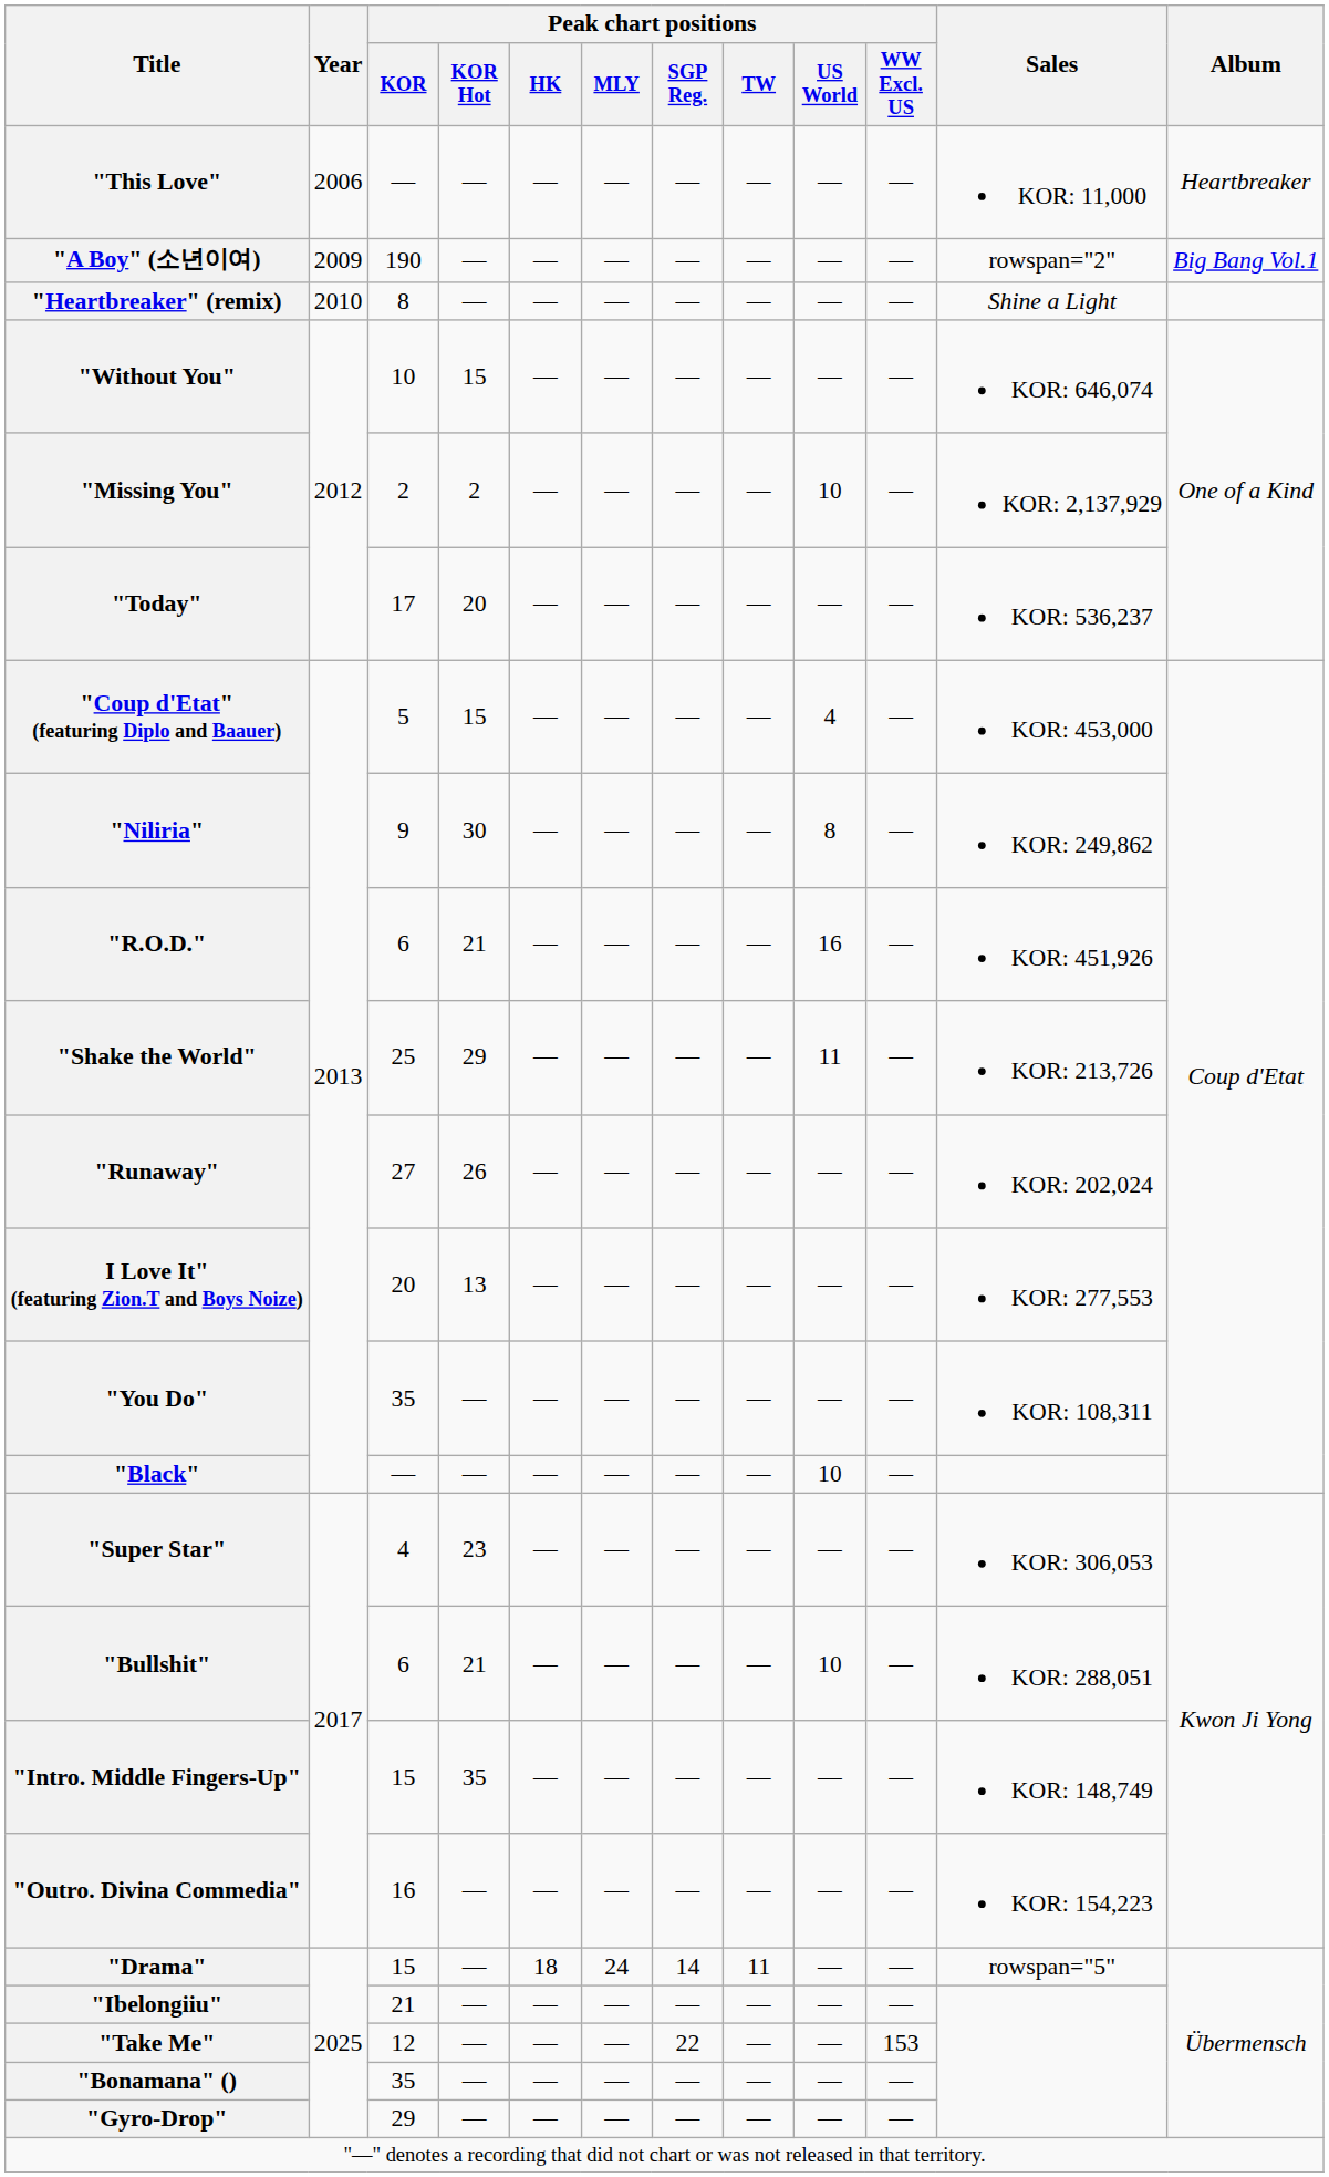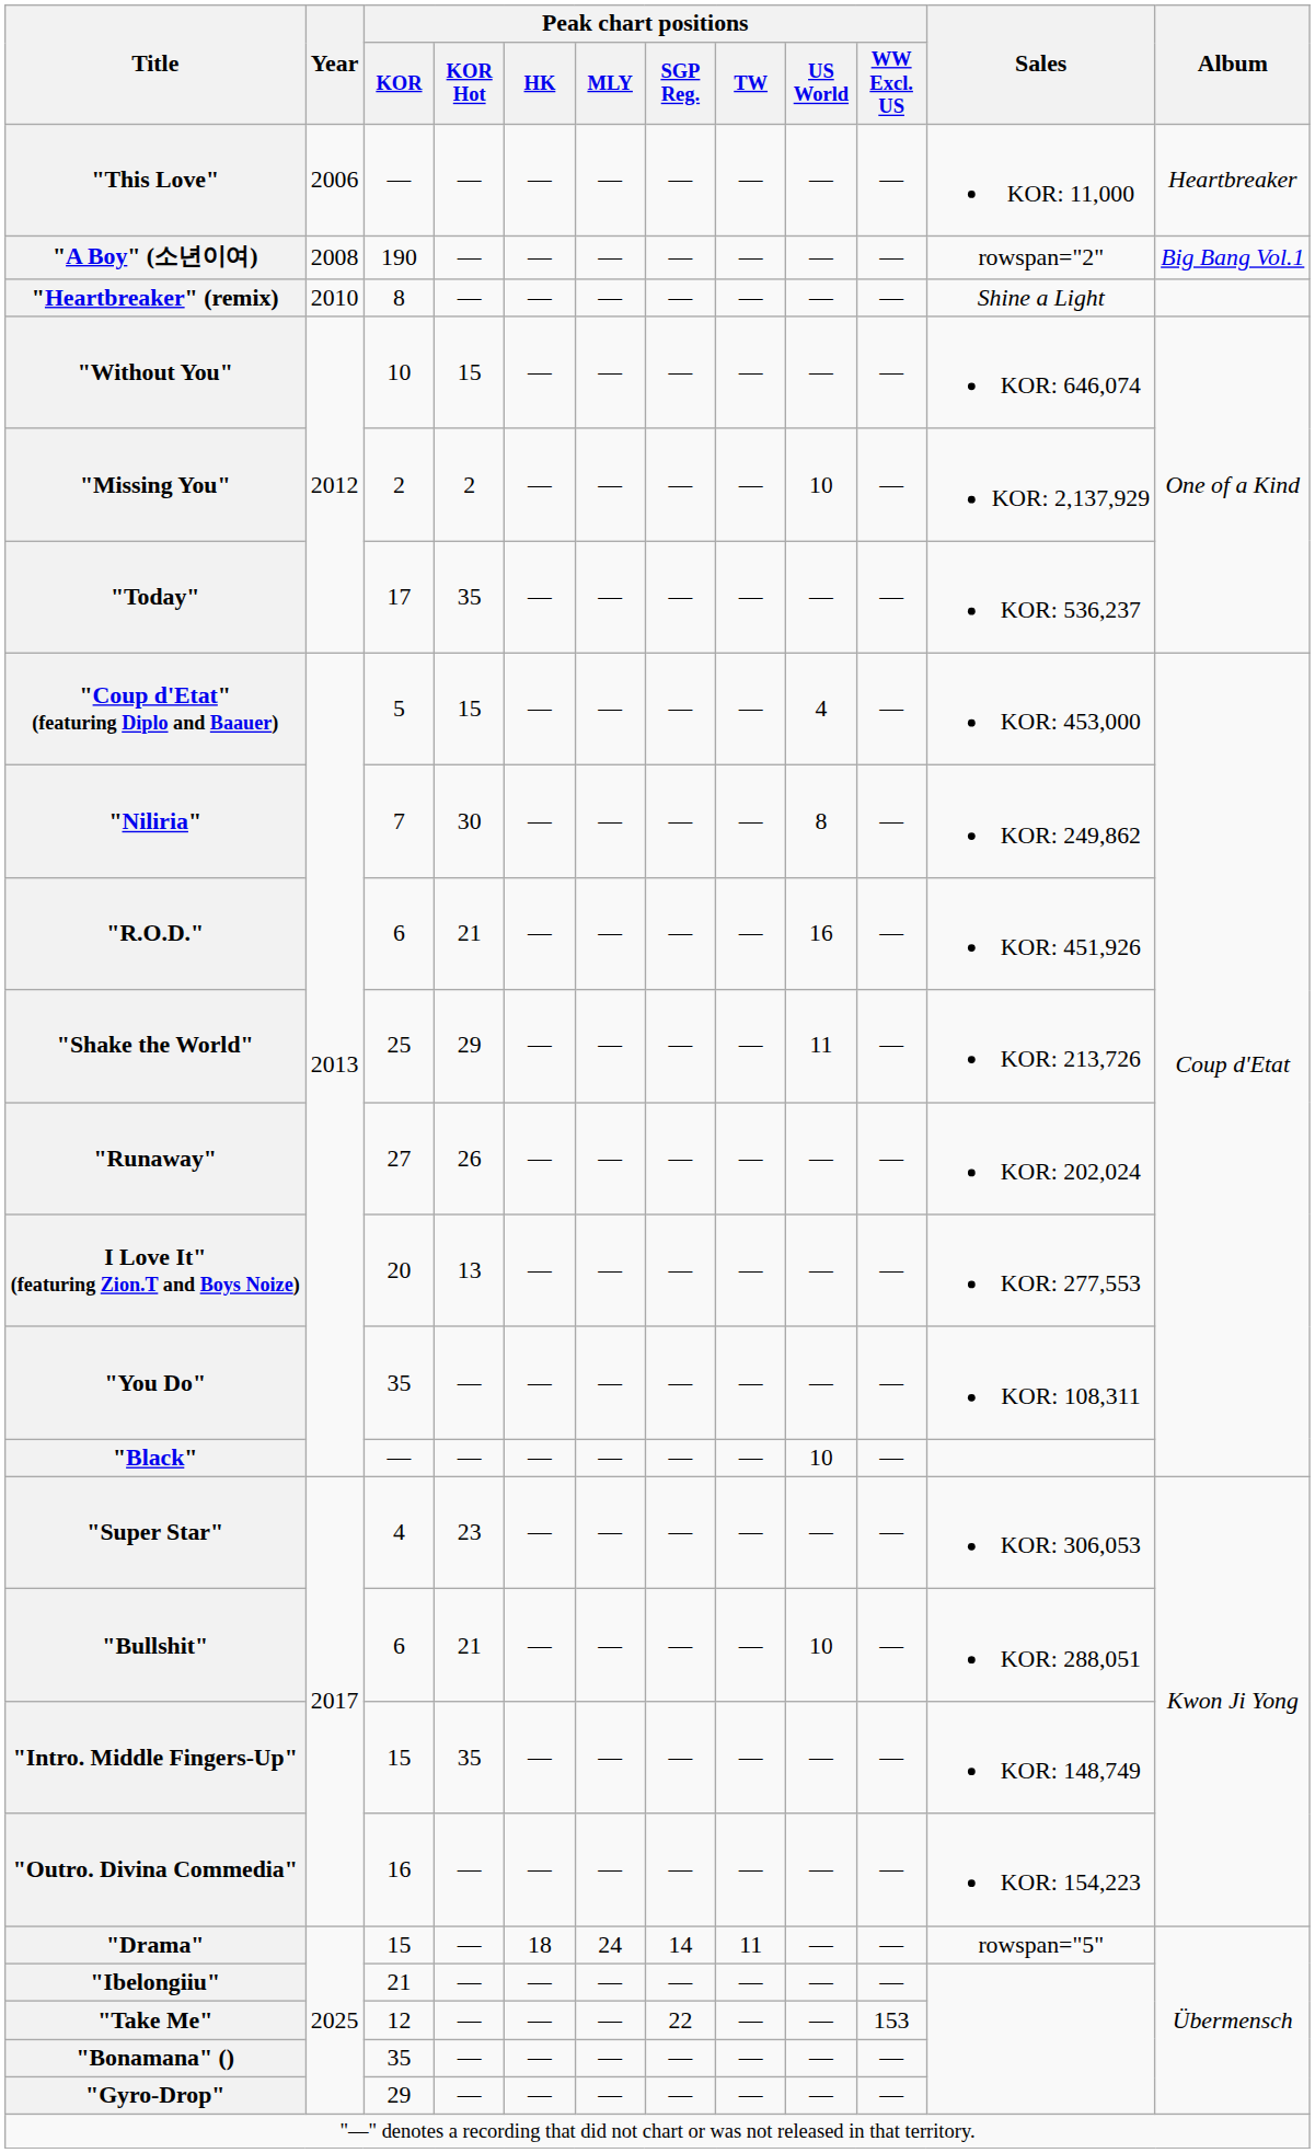 <table class="wikitable plainrowheaders" style="text-align:center;">
 <tr>
 <th scope="col" rowspan="2">Title</th>
 <th scope="col" rowspan="2">Year</th>
 <th scope="col" colspan="8">Peak chart positions</th>
 <th scope="col" rowspan="2">Sales</th>
 <th scope="col" rowspan="2">Album</th>
 </tr>
 <tr>
 <th scope="col" style="width:3em;font-size:85%;"><a href='#'>KOR</a><br></th>
 <th scope="col" style="width:3em;font-size:85%;"><a href='#'>KOR<br>Hot</a><br></th>
 <th scope="col" style="width:3em;font-size:85%;"><a href='#'>HK</a><br></th>
 <th scope="col" style="width:3em;font-size:85%;"><a href='#'>MLY</a><br></th>
 <th scope="col" style="width:3em;font-size:85%;"><a href='#'>SGP<br>Reg.</a><br></th>
 <th scope="col" style="width:3em;font-size:85%;"><a href='#'>TW</a><br></th>
 <th scope="col" style="width:3em;font-size:85%;"><a href='#'>US<br>World</a><br></th>
 <th scope="col" style="width:3em;font-size:85%"><a href='#'>WW<br>Excl.<br>US</a><br></th>
 </tr>
 <tr>
 <th scope="row">"This Love"</th>
 <td>2006</td>
 <td>—</td>
 <td>—</td>
 <td>—</td>
 <td>—</td>
 <td>—</td>
 <td>—</td>
 <td>—</td>
 <td>—</td>
 <td><br><ul><li>KOR: 11,000</li></ul></td>
 <td><em>Heartbreaker</em></td>
 </tr>
 <tr>
 <th scope="row">"<a href='#'>A Boy</a>" (소년이여)</th>
-<td>2009</td>
+<td>2008</td>
 <td>190</td>
 <td>—</td>
 <td>—</td>
 <td>—</td>
 <td>—</td>
 <td>—</td>
 <td>—</td>
 <td>—</td>
 <td>rowspan="2" </td>
 <td><em><a href='#'>Big Bang Vol.1</a></em></td>
 </tr>
 <tr>
 <th scope="row">"<a href='#'>Heartbreaker</a>" (remix)<br></th>
 <td>2010</td>
 <td>8</td>
 <td>—</td>
 <td>—</td>
 <td>—</td>
 <td>—</td>
 <td>—</td>
 <td>—</td>
 <td>—</td>
 <td><em>Shine a Light</em></td>
 </tr>
 <tr>
 <th scope="row">"Without You"<br></th>
 <td rowspan="3">2012</td>
 <td>10</td>
 <td>15</td>
 <td>—</td>
 <td>—</td>
 <td>—</td>
 <td>—</td>
 <td>—</td>
 <td>—</td>
 <td><br><ul><li>KOR: 646,074</li></ul></td>
 <td rowspan="3"><em>One of a Kind</em></td>
 </tr>
 <tr>
 <th scope="row">"Missing You"<br></th>
 <td>2</td>
 <td>2</td>
 <td>—</td>
 <td>—</td>
 <td>—</td>
 <td>—</td>
 <td>10</td>
 <td>—</td>
 <td><br><ul><li>KOR: 2,137,929</li></ul></td>
 </tr>
 <tr>
 <th scope="row">"Today"<br></th>
 <td>17</td>
-<td>20</td>
+<td>35</td>
 <td>—</td>
 <td>—</td>
 <td>—</td>
 <td>—</td>
 <td>—</td>
 <td>—</td>
 <td><br><ul><li>KOR: 536,237</li></ul></td>
 </tr>
 <tr>
 <th scope="row">"<a href='#'>Coup d'Etat</a>"<br><small>(featuring <a href='#'>Diplo</a> and <a href='#'>Baauer</a>)</small></th>
 <td rowspan="8">2013</td>
 <td>5</td>
 <td>15</td>
 <td>—</td>
 <td>—</td>
 <td>—</td>
 <td>—</td>
 <td>4</td>
 <td>—</td>
 <td><br><ul><li>KOR: 453,000</li></ul></td>
 <td rowspan="8"><em>Coup d'Etat</em></td>
 </tr>
 <tr>
 <th scope="row">"<a href='#'>Niliria</a>"<br></th>
-<td>9</td>
+<td>7</td>
 <td>30</td>
 <td>—</td>
 <td>—</td>
 <td>—</td>
 <td>—</td>
 <td>8</td>
 <td>—</td>
 <td><br><ul><li>KOR: 249,862</li></ul></td>
 </tr>
 <tr>
 <th scope="row">"R.O.D."<br></th>
 <td>6</td>
 <td>21</td>
 <td>—</td>
 <td>—</td>
 <td>—</td>
 <td>—</td>
 <td>16</td>
 <td>—</td>
 <td><br><ul><li>KOR: 451,926</li></ul></td>
 </tr>
 <tr>
 <th scope="row">"Shake the World"</th>
 <td>25</td>
 <td>29</td>
 <td>—</td>
 <td>—</td>
 <td>—</td>
 <td>—</td>
 <td>11</td>
 <td>—</td>
 <td><br><ul><li>KOR: 213,726</li></ul></td>
 </tr>
 <tr>
 <th scope="row">"Runaway"</th>
 <td>27</td>
 <td>26</td>
 <td>—</td>
 <td>—</td>
 <td>—</td>
 <td>—</td>
 <td>—</td>
 <td>—</td>
 <td><br><ul><li>KOR: 202,024</li></ul></td>
 </tr>
 <tr>
 <th scope="row">I Love It"<br><small>(featuring <a href='#'>Zion.T</a> and <a href='#'>Boys Noize</a>)</small></th>
 <td>20</td>
 <td>13</td>
 <td>—</td>
 <td>—</td>
 <td>—</td>
 <td>—</td>
 <td>—</td>
 <td>—</td>
 <td><br><ul><li>KOR: 277,553</li></ul></td>
 </tr>
 <tr>
 <th scope="row">"You Do"</th>
 <td>35</td>
 <td>—</td>
 <td>—</td>
 <td>—</td>
 <td>—</td>
 <td>—</td>
 <td>—</td>
 <td>—</td>
 <td><br><ul><li>KOR: 108,311</li></ul></td>
 </tr>
 <tr>
 <th scope="row">"<a href='#'>Black</a>"<br></th>
 <td>—</td>
 <td>—</td>
 <td>—</td>
 <td>—</td>
 <td>—</td>
 <td>—</td>
 <td>10</td>
 <td>—</td>
 <td></td>
 </tr>
 <tr>
 <th scope="row">"Super Star"</th>
 <td rowspan="4">2017</td>
 <td>4</td>
 <td>23</td>
 <td>—</td>
 <td>—</td>
 <td>—</td>
 <td>—</td>
 <td>—</td>
 <td>—</td>
 <td><br><ul><li>KOR: 306,053</li></ul></td>
 <td rowspan="4"><em>Kwon Ji Yong</em></td>
 </tr>
 <tr>
 <th scope="row">"Bullshit"</th>
 <td>6</td>
 <td>21</td>
 <td>—</td>
 <td>—</td>
 <td>—</td>
 <td>—</td>
 <td>10</td>
 <td>—</td>
 <td><br><ul><li>KOR: 288,051</li></ul></td>
 </tr>
 <tr>
 <th scope="row">"Intro. Middle Fingers-Up"</th>
 <td>15</td>
 <td>35</td>
 <td>—</td>
 <td>—</td>
 <td>—</td>
 <td>—</td>
 <td>—</td>
 <td>—</td>
 <td><br><ul><li>KOR: 148,749</li></ul></td>
 </tr>
 <tr>
 <th scope="row">"Outro. Divina Commedia"</th>
 <td>16</td>
 <td>—</td>
 <td>—</td>
 <td>—</td>
 <td>—</td>
 <td>—</td>
 <td>—</td>
 <td>—</td>
 <td><br><ul><li>KOR: 154,223</li></ul></td>
 </tr>
 <tr>
 <th scope="row">"Drama"</th>
 <td rowspan="5">2025</td>
 <td>15</td>
 <td>—</td>
 <td>18</td>
 <td>24</td>
 <td>14</td>
 <td>11</td>
 <td>—</td>
 <td>—</td>
 <td>rowspan="5" </td>
 <td rowspan="5"><em>Übermensch</em></td>
 </tr>
 <tr>
 <th scope="row">"Ibelongiiu"</th>
 <td>21</td>
 <td>—</td>
 <td>—</td>
 <td>—</td>
 <td>—</td>
 <td>—</td>
 <td>—</td>
 <td>—</td>
 </tr>
 <tr>
 <th scope="row">"Take Me"</th>
 <td>12</td>
 <td>—</td>
 <td>—</td>
 <td>—</td>
 <td>22</td>
 <td>—</td>
 <td>—</td>
 <td>153</td>
 </tr>
 <tr>
 <th scope="row">"Bonamana" ()</th>
 <td>35</td>
 <td>—</td>
 <td>—</td>
 <td>—</td>
 <td>—</td>
 <td>—</td>
 <td>—</td>
 <td>—</td>
 </tr>
 <tr>
 <th scope="row">"Gyro-Drop"</th>
 <td>29</td>
 <td>—</td>
 <td>—</td>
 <td>—</td>
 <td>—</td>
 <td>—</td>
 <td>—</td>
 <td>—</td>
 </tr>
 <tr>
 <td colspan="12" style="font-size:85%">"—" denotes a recording that did not chart or was not released in that territory.</td>
 </tr>
 </table>
